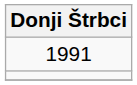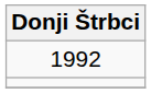 <table class="wikitable" style="margin: 0.5em auto; text-align: center;">
 <tr>
 <th colspan="1">Donji Štrbci</th>
 </tr>
 <tr>
-<td>1991</td>
+<td>1992</td>
 </tr>
 <tr>
 <td></td>
 </tr>
 <tr>
 </tr>
 </table>
